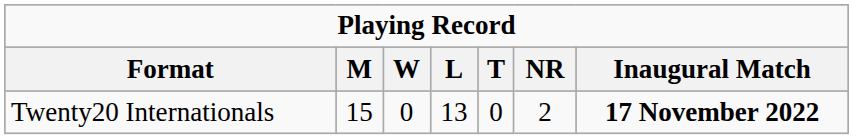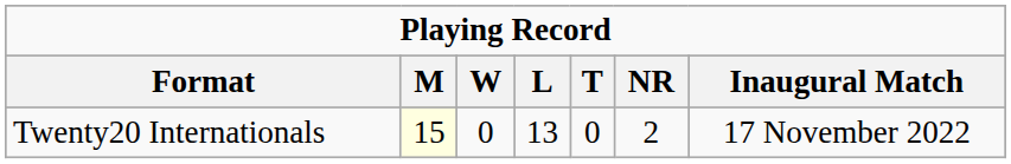 <table class="wikitable" style="text-align: center; width: 500px;">
 <tr>
 <td colspan=7 align="center"><strong>Playing Record</strong></td>
 </tr>
 <tr>
 <th>Format</th>
 <th>M</th>
 <th>W</th>
 <th>L</th>
 <th>T</th>
 <th>NR</th>
 <th>Inaugural Match</th>
 </tr>
 <tr>
 <td align="left">Twenty20 Internationals</td>
-<td>15</td>
+<td style="background: lightyellow;">15</td>
 <td>0</td>
 <td>13</td>
 <td>0</td>
 <td>2</td>
-<td><strong>17 November 2022</strong></td>
+<td>17 November 2022</td>
 </tr>
 </table>
